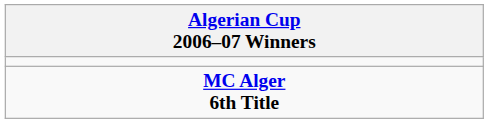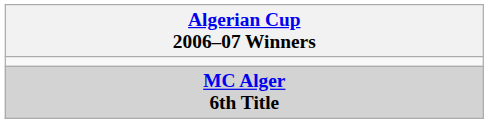 <table class="wikitable" style="text-align: center; margin: 0 auto; width: 20%">
 <tr>
 <th><a href='#'>Algerian Cup</a><br>2006–07 Winners</th>
 </tr>
 <tr>
 <td></td>
 </tr>
 <tr>
-<td><strong><a href='#'>MC Alger</a></strong><br><strong>6th Title</strong></td>
+<td style="background: lightgrey;"><strong><a href='#'>MC Alger</a></strong><br><strong>6th Title</strong></td>
 </tr>
 </table>
